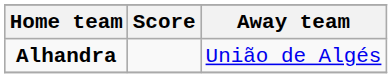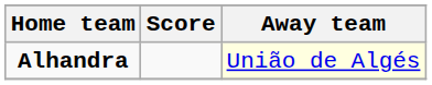 <table class="wikitable" style="text-align: center">
 <tr>
 </tr>
 <tr>
 <th>Home team</th>
 <th>Score</th>
 <th>Away team</th>
 </tr>
 <tr>
 <td><strong>Alhandra</strong> </td>
 <td></td>
-<td><a href='#'>União de Algés</a> </td>
+<td style="background: lightyellow;"><a href='#'>União de Algés</a> </td>
 </tr>
 <tr>
 </tr>
 </table>
